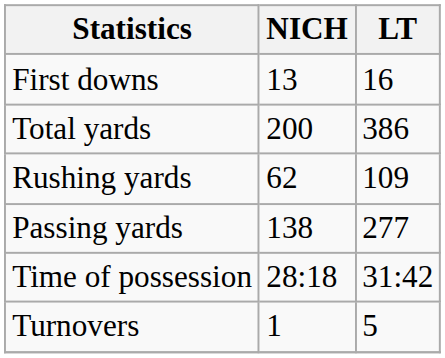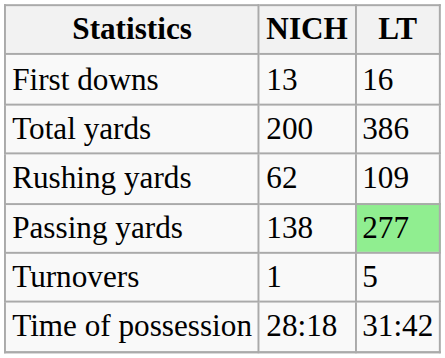 <table class="wikitable" style="float: left;">
 <tr>
 <th>Statistics</th>
 <th>NICH</th>
 <th>LT</th>
 </tr>
 <tr>
 <td>First downs</td>
 <td>13</td>
 <td>16</td>
 </tr>
 <tr>
 <td>Total yards</td>
 <td>200</td>
 <td>386</td>
 </tr>
 <tr>
 <td>Rushing yards</td>
 <td>62</td>
 <td>109</td>
 </tr>
 <tr>
 <td>Passing yards</td>
 <td>138</td>
-<td>277</td>
+<td style="background: lightgreen;">277</td>
+</tr>
+<tr>
+<td>Turnovers</td>
+<td>1</td>
+<td>5</td>
 </tr>
 <tr>
 <td>Time of possession</td>
 <td>28:18</td>
 <td>31:42</td>
 </tr>
 <tr>
-<td>Turnovers</td>
-<td>1</td>
-<td>5</td>
-</tr>
-<tr>
 </tr>
 </table>
